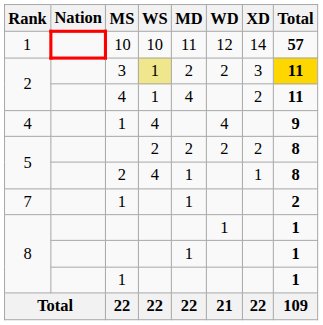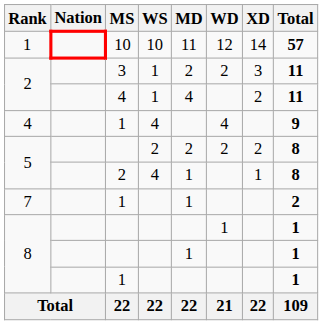 <table class="wikitable" style="text-align:center">
 <tr>
 <th>Rank</th>
 <th>Nation</th>
 <th>MS</th>
 <th>WS</th>
 <th>MD</th>
 <th>WD</th>
 <th>XD</th>
 <th>Total</th>
 </tr>
 <tr>
 <td>1</td>
 <td align="left" style="border: 3px solid red"><strong></strong></td>
 <td>10</td>
 <td>10</td>
 <td>11</td>
 <td>12</td>
 <td>14</td>
 <td><strong>57</strong></td>
 </tr>
 <tr>
 <td rowspan="2">2</td>
 <td align="left"></td>
 <td>3</td>
-<td style="background: khaki;">1</td>
+<td>1</td>
 <td>2</td>
 <td>2</td>
 <td>3</td>
-<td style="background: gold;"><strong>11</strong></td>
+<td><strong>11</strong></td>
 </tr>
 <tr>
 <td align="left"></td>
 <td>4</td>
 <td>1</td>
 <td>4</td>
 <td></td>
 <td>2</td>
 <td><strong>11</strong></td>
 </tr>
 <tr>
 <td>4</td>
 <td align="left"></td>
 <td>1</td>
 <td>4</td>
 <td></td>
 <td>4</td>
 <td></td>
 <td><strong>9</strong></td>
 </tr>
 <tr>
 <td rowspan="2">5</td>
 <td align="left"></td>
 <td></td>
 <td>2</td>
 <td>2</td>
 <td>2</td>
 <td>2</td>
 <td><strong>8</strong></td>
 </tr>
 <tr>
 <td align="left"></td>
 <td>2</td>
 <td>4</td>
 <td>1</td>
 <td></td>
 <td>1</td>
 <td><strong>8</strong></td>
 </tr>
 <tr>
 <td>7</td>
 <td align="left"></td>
 <td>1</td>
 <td></td>
 <td>1</td>
 <td></td>
 <td></td>
 <td><strong>2</strong></td>
 </tr>
 <tr>
 <td rowspan="3">8</td>
 <td align="left"></td>
 <td></td>
 <td></td>
 <td></td>
 <td>1</td>
 <td></td>
 <td><strong>1</strong></td>
 </tr>
 <tr>
 <td align="left"></td>
 <td></td>
 <td></td>
 <td>1</td>
 <td></td>
 <td></td>
 <td><strong>1</strong></td>
 </tr>
 <tr>
 <td align="left"></td>
 <td>1</td>
 <td></td>
 <td></td>
 <td></td>
 <td></td>
 <td><strong>1</strong></td>
 </tr>
 <tr>
 <th colspan="2">Total</th>
 <th>22</th>
 <th>22</th>
 <th>22</th>
 <th>21</th>
 <th>22</th>
 <th>109</th>
 </tr>
 </table>
